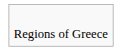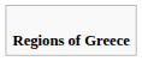 <table class="infobox">
 <tr>
 <td><br><div>                           </div></td>
 </tr>
 <tr>
-<td>Regions of Greece</td>
+<td><strong>Regions of Greece</strong></td>
 </tr>
 </table>
